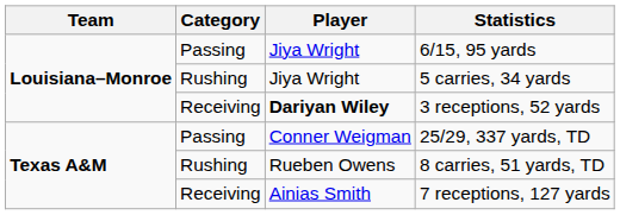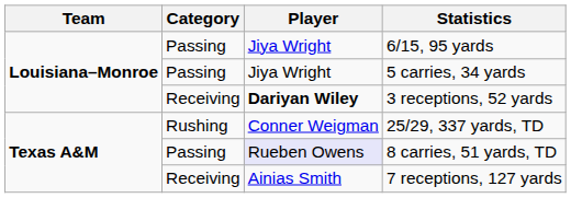 <table class="wikitable" style="float: right;">
 <tr>
 <th>Team</th>
 <th>Category</th>
 <th>Player</th>
 <th>Statistics</th>
 </tr>
 <tr>
 <td rowspan=3><strong>Louisiana–Monroe</strong></td>
 <td>Passing</td>
 <td><a href='#'>Jiya Wright</a></td>
 <td>6/15, 95 yards</td>
 </tr>
 <tr>
-<td>Rushing</td>
+<td>Passing</td>
 <td>Jiya Wright</td>
 <td>5 carries, 34 yards</td>
 </tr>
 <tr>
 <td>Receiving</td>
 <td><strong>Dariyan Wiley</strong></td>
 <td>3 receptions, 52 yards</td>
 </tr>
 <tr>
 <td rowspan=3><strong>Texas A&M</strong></td>
-<td>Passing</td>
+<td>Rushing</td>
 <td><a href='#'>Conner Weigman</a></td>
 <td>25/29, 337 yards, TD</td>
 </tr>
 <tr>
-<td>Rushing</td>
-<td>Rueben Owens</td>
+<td>Passing</td>
+<td style="background: lavender;">Rueben Owens</td>
 <td>8 carries, 51 yards, TD</td>
 </tr>
 <tr>
 <td>Receiving</td>
 <td><a href='#'>Ainias Smith</a></td>
 <td>7 receptions, 127 yards</td>
 </tr>
 </table>
